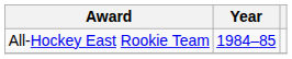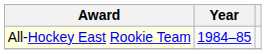 <table class="wikitable">
 <tr>
 <th>Award</th>
 <th>Year</th>
 <th></th>
 </tr>
 <tr>
-<td>All-<a href='#'>Hockey East</a> <a href='#'>Rookie Team</a></td>
+<td style="background: lightyellow;">All-<a href='#'>Hockey East</a> <a href='#'>Rookie Team</a></td>
 <td><a href='#'>1984–85</a></td>
 <td></td>
 </tr>
 <tr>
 </tr>
 </table>
